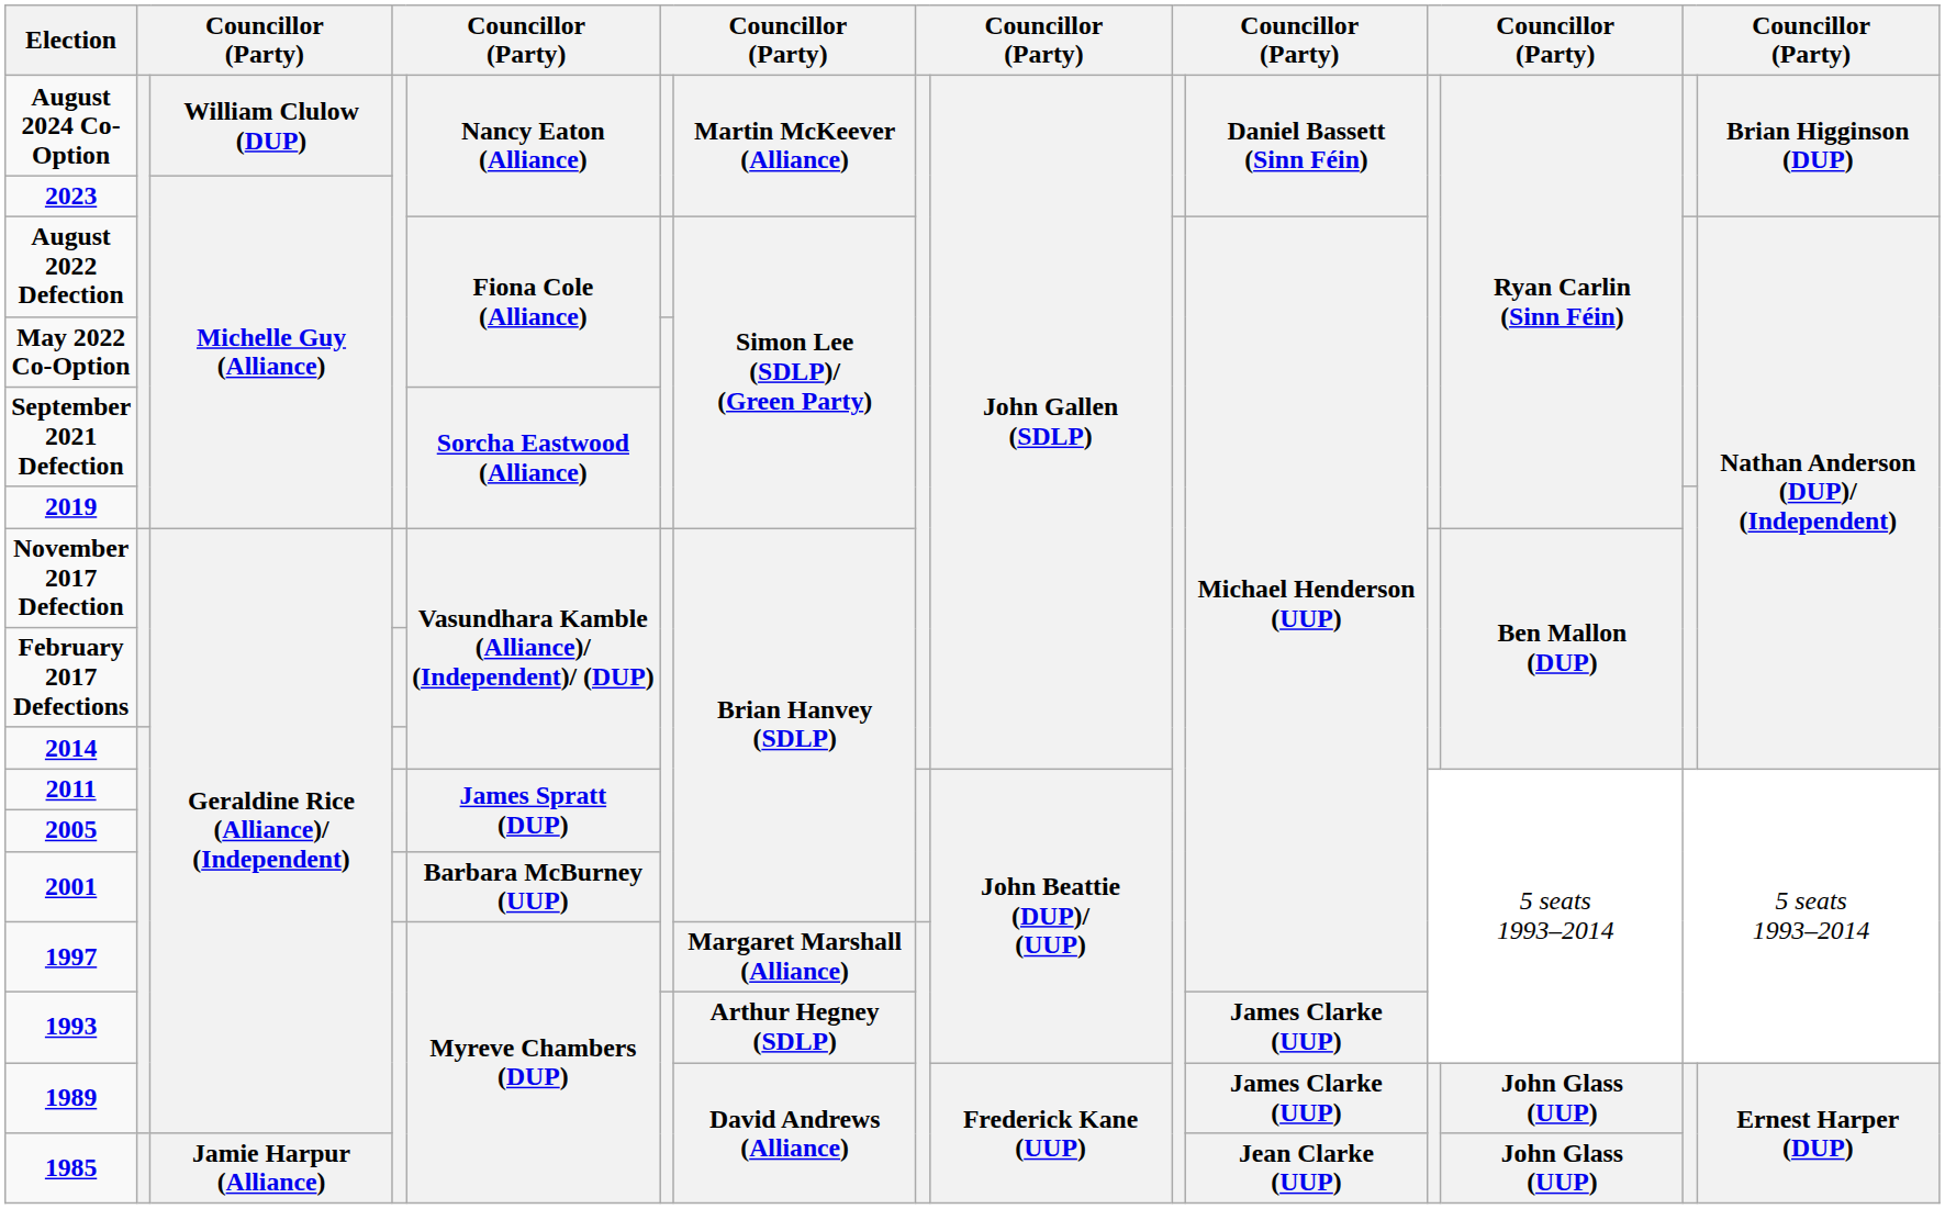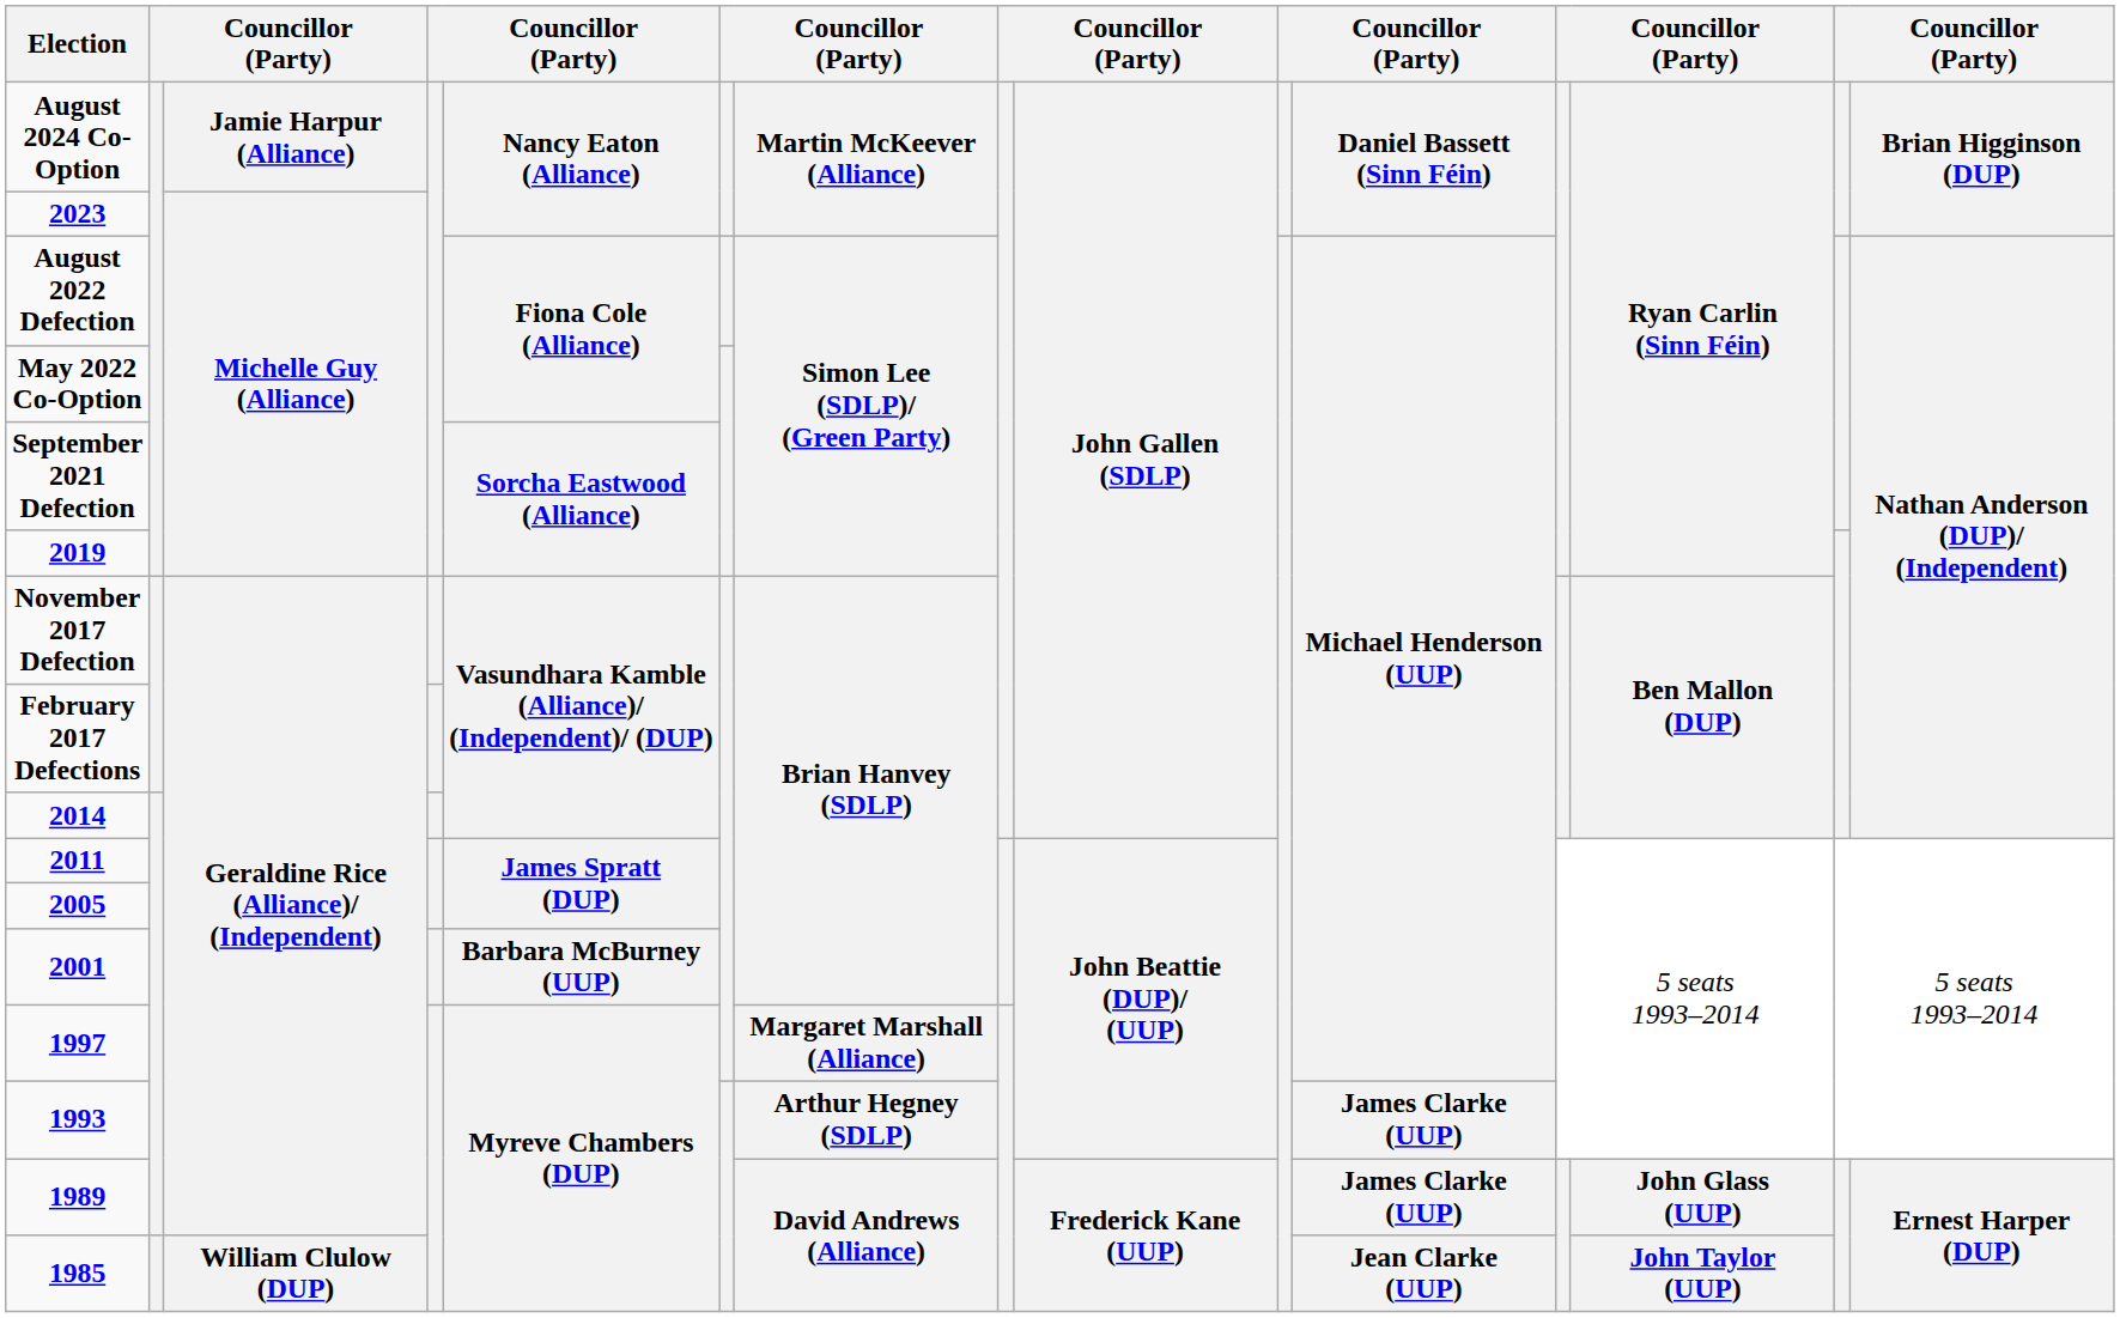 <table class="wikitable" style="text-align:center">
 <tr>
 <th scope="col" width="50">Election</th>
 <th scope="col" width="150" colspan = "2">Councillor<br> (Party)</th>
 <th scope="col" width="150" colspan = "2">Councillor<br> (Party)</th>
 <th scope="col" width="150" colspan = "2">Councillor<br> (Party)</th>
 <th scope="col" width="150" colspan = "2">Councillor<br> (Party)</th>
 <th scope="col" width="150" colspan = "2">Councillor<br> (Party)</th>
 <th scope="col" width="150" colspan = "2">Councillor<br> (Party)</th>
 <th scope="col" width="150" colspan = "2">Councillor<br> (Party)</th>
 </tr>
 <tr>
 <td><strong>August 2024 Co-Option</strong></td>
 <th rowspan="6" width="1" style="background-color: "></th>
-<th rowspan = "1">William Clulow <br> (<a href='#'>DUP</a>)</th>
+<th rowspan = "1">Jamie Harpur <br> (<a href='#'>Alliance</a>)</th>
 <th rowspan="6" width="1" style="background-color: "></th>
 <th rowspan = "2">Nancy Eaton <br> (<a href='#'>Alliance</a>)</th>
 <th rowspan="2" width="1" style="background-color: "></th>
 <th rowspan = "2">Martin McKeever <br> (<a href='#'>Alliance</a>)</th>
 <th rowspan="9" width="1" style="background-color: "></th>
 <th rowspan = "9">John Gallen <br> (<a href='#'>SDLP</a>)</th>
 <th rowspan="2" width="1" style="background-color: "></th>
 <th rowspan = "2">Daniel Bassett <br> (<a href='#'>Sinn Féin</a>)</th>
 <th rowspan="6" width="1" style="background-color: "></th>
 <th rowspan = "6">Ryan Carlin <br> (<a href='#'>Sinn Féin</a>)</th>
 <th rowspan="2" width="1" style="background-color: "></th>
 <th rowspan = "2">Brian Higginson <br> (<a href='#'>DUP</a>)</th>
 </tr>
 <tr>
 <td><strong><a href='#'>2023</a></strong></td>
 <th rowspan = "5"><a href='#'>Michelle Guy</a> <br> (<a href='#'>Alliance</a>)</th>
 </tr>
 <tr>
 <td><strong>August 2022 Defection</strong></td>
 <th rowspan = "2">Fiona Cole <br> (<a href='#'>Alliance</a>)</th>
 <th rowspan="1" width="1" style="background-color: "></th>
 <th rowspan = "4">Simon Lee <br> (<a href='#'>SDLP</a>)/ <br> (<a href='#'>Green Party</a>)</th>
 <th rowspan="14" width="1" style="background-color: "></th>
 <th rowspan = "11">Michael Henderson <br> (<a href='#'>UUP</a>)</th>
 <th rowspan="3" width="1" style="background-color: "></th>
 <th rowspan = "7">Nathan Anderson <br> (<a href='#'>DUP</a>)/ <br> (<a href='#'>Independent</a>)</th>
 </tr>
 <tr>
 <td><strong>May 2022 Co-Option</strong></td>
 <th rowspan="3" width="1" style="background-color: "></th>
 </tr>
 <tr>
 <td><strong>September 2021 Defection</strong></td>
 <th rowspan = "2"><a href='#'>Sorcha Eastwood</a> <br> (<a href='#'>Alliance</a>)</th>
 </tr>
 <tr>
 <td><strong><a href='#'>2019</a></strong></td>
 <th rowspan="4" width="1" style="background-color: "></th>
 </tr>
 <tr>
 <td><strong>November 2017 Defection</strong></td>
 <th rowspan="2" width="1" style="background-color: "></th>
 <th rowspan = "9">Geraldine Rice <br> (<a href='#'>Alliance</a>)/ <br> (<a href='#'>Independent</a>)</th>
 <th rowspan="1" width="1" style="background-color: "></th>
 <th rowspan = "3">Vasundhara Kamble <br> (<a href='#'>Alliance</a>)/ <br> (<a href='#'>Independent</a>)/ (<a href='#'>DUP</a>)</th>
 <th rowspan="7" width="1" style="background-color: "></th>
 <th rowspan = "6">Brian Hanvey <br> (<a href='#'>SDLP</a>)</th>
 <th rowspan="3" width="1" style="background-color: "></th>
 <th rowspan = "3">Ben Mallon <br> (<a href='#'>DUP</a>)</th>
 </tr>
 <tr>
 <td><strong>February 2017 Defections</strong></td>
 <th rowspan="1" width="1" style="background-color: "></th>
 </tr>
 <tr>
 <td><strong><a href='#'>2014</a></strong></td>
 <th rowspan="7" width="1" style="background-color: "></th>
 <th rowspan="1" width="1" style="background-color: "></th>
 </tr>
 <tr>
 <td><strong><a href='#'>2011</a></strong></td>
 <th rowspan="2" width="1" style="background-color: "></th>
 <th rowspan = "2"><a href='#'>James Spratt</a> <br> (<a href='#'>DUP</a>)</th>
 <th rowspan="3" width="1" style="background-color: "></th>
 <th rowspan = "5">John Beattie <br> (<a href='#'>DUP</a>)/ <br> (<a href='#'>UUP</a>)</th>
 <td colspan="2" rowspan="5" style="background-color:#FFFFFF"><em>5 seats<br>1993–2014</em></td>
 <td colspan="2" rowspan="5" style="background-color:#FFFFFF"><em>5 seats<br>1993–2014</em></td>
 </tr>
 <tr>
 <td><strong><a href='#'>2005</a></strong></td>
 </tr>
 <tr>
 <td><strong><a href='#'>2001</a></strong></td>
 <th rowspan="1" width="1" style="background-color: "></th>
 <th rowspan = "1">Barbara McBurney <br> (<a href='#'>UUP</a>)</th>
 </tr>
 <tr>
 <td><strong><a href='#'>1997</a></strong></td>
 <th rowspan="4" width="1" style="background-color: "></th>
 <th rowspan = "4">Myreve Chambers <br> (<a href='#'>DUP</a>)</th>
 <th rowspan = "1">Margaret Marshall <br> (<a href='#'>Alliance</a>)</th>
 <th rowspan="4" width="1" style="background-color: "></th>
 </tr>
 <tr>
 <td><strong><a href='#'>1993</a></strong></td>
 <th rowspan="3" width="1" style="background-color: "></th>
 <th rowspan = "1">Arthur Hegney <br> (<a href='#'>SDLP</a>)</th>
 <th rowspan = "1">James Clarke <br> (<a href='#'>UUP</a>)</th>
 </tr>
 <tr>
 <td><strong><a href='#'>1989</a></strong></td>
 <th rowspan = "2">David Andrews <br> (<a href='#'>Alliance</a>)</th>
 <th rowspan = "2">Frederick Kane <br> (<a href='#'>UUP</a>)</th>
 <th rowspan = "1">James Clarke <br> (<a href='#'>UUP</a>)</th>
 <th rowspan="2" width="1" style="background-color: "></th>
 <th rowspan = "1">John Glass <br> (<a href='#'>UUP</a>)</th>
 <th rowspan="2" width="1" style="background-color: "></th>
 <th rowspan = "2">Ernest Harper <br> (<a href='#'>DUP</a>)</th>
 </tr>
 <tr>
 <td><strong><a href='#'>1985</a></strong></td>
 <th rowspan="1" width="1" style="background-color: "></th>
-<th rowspan = "1">Jamie Harpur <br> (<a href='#'>Alliance</a>)</th>
+<th rowspan = "1">William Clulow <br> (<a href='#'>DUP</a>)</th>
 <th rowspan = "1">Jean Clarke <br> (<a href='#'>UUP</a>)</th>
-<th rowspan = "1">John Glass <br> (<a href='#'>UUP</a>)</th>
+<th rowspan = "1"><a href='#'>John Taylor</a> <br> (<a href='#'>UUP</a>)</th>
 </tr>
 </table>
